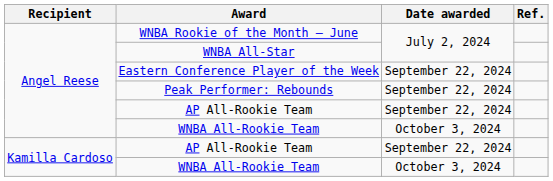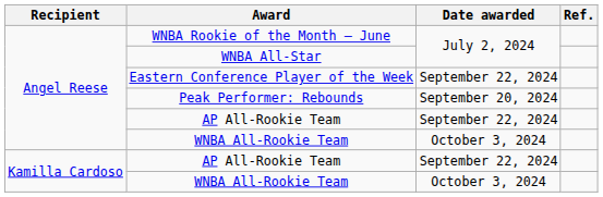 <table class="wikitable sortable sortable" style="text-align: center">
 <tr>
 <th>Recipient</th>
 <th>Award</th>
 <th>Date awarded</th>
 <th class="unsortable">Ref.</th>
 </tr>
 <tr>
 <td rowspan=6><a href='#'>Angel Reese</a></td>
 <td><a href='#'>WNBA Rookie of the Month – June</a></td>
 <td rowspan=2>July 2, 2024</td>
 <td></td>
 </tr>
 <tr>
 <td><a href='#'>WNBA All-Star</a></td>
 <td></td>
 </tr>
 <tr>
 <td><a href='#'>Eastern Conference Player of the Week</a></td>
 <td>September 22, 2024</td>
 <td></td>
 </tr>
 <tr>
 <td><a href='#'>Peak Performer: Rebounds</a></td>
-<td>September 22, 2024</td>
+<td>September 20, 2024</td>
 <td></td>
 </tr>
 <tr>
 <td><a href='#'>AP</a> All-Rookie Team</td>
 <td>September 22, 2024</td>
 <td></td>
 </tr>
 <tr>
 <td><a href='#'>WNBA All-Rookie Team</a></td>
 <td>October 3, 2024</td>
 <td></td>
 </tr>
 <tr>
 <td rowspan=2><a href='#'>Kamilla Cardoso</a></td>
 <td><a href='#'>AP</a> All-Rookie Team</td>
 <td>September 22, 2024</td>
 <td></td>
 </tr>
 <tr>
 <td><a href='#'>WNBA All-Rookie Team</a></td>
 <td>October 3, 2024</td>
 <td></td>
 </tr>
 </table>
